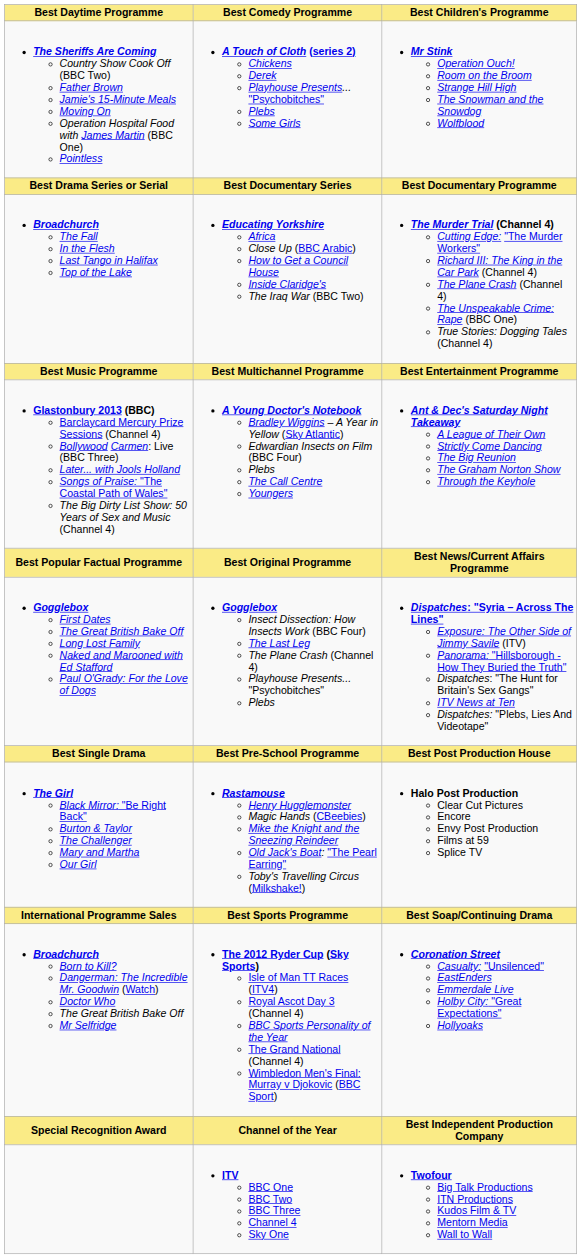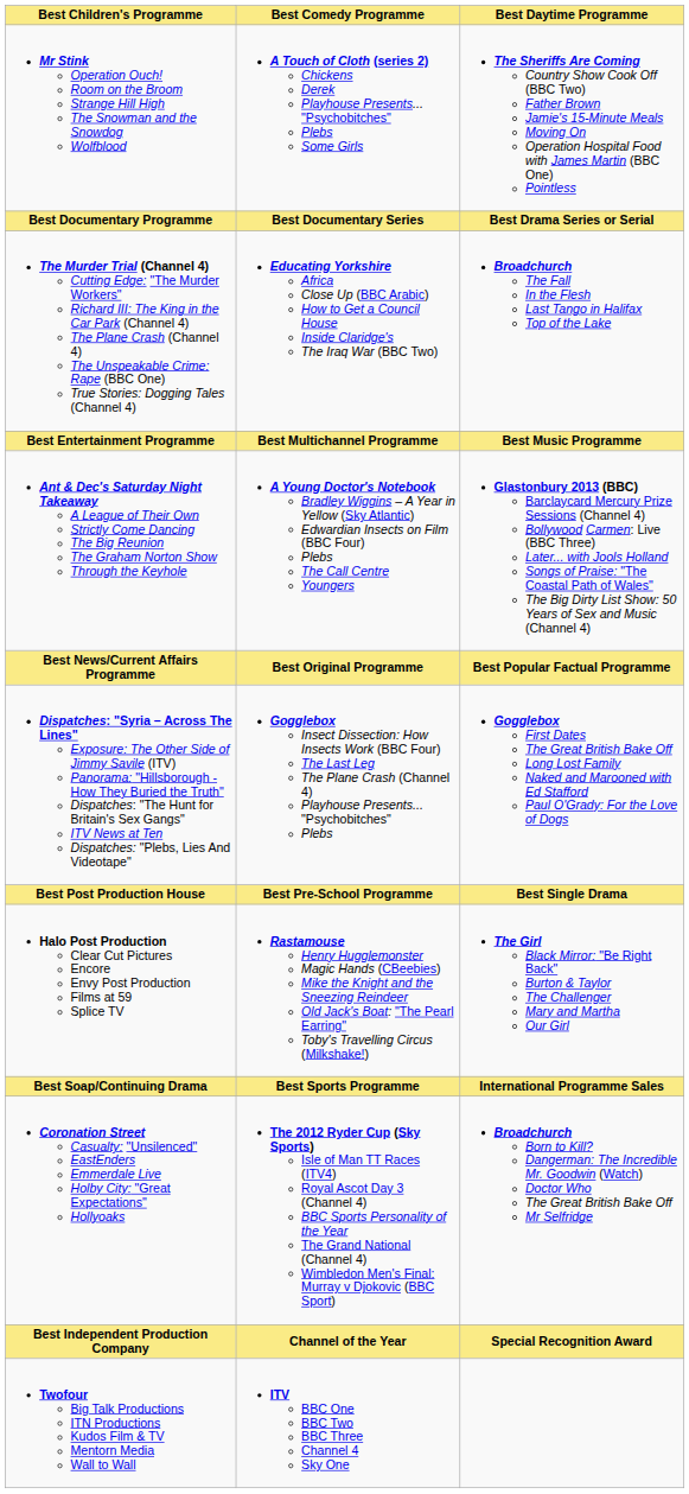 <table class=wikitable style=font-size:100%>
 <tr>
+<th style="background:#FAEB86;" width="34%">Best Children's Programme</th>
+<th style="background:#FAEB86;" width="33%">Best Comedy Programme</th>
 <th style="background:#FAEB86;" width="33%">Best Daytime Programme</th>
-<th style="background:#FAEB86;" width="33%">Best Comedy Programme</th>
-<th style="background:#FAEB86;" width="34%">Best Children's Programme</th>
 </tr>
 <tr>
+<td valign="top"><br><ul><li><strong><em><a href='#'>Mr Stink</a></em></strong><ul><li><em><a href='#'>Operation Ouch!</a></em></li><li><em><a href='#'>Room on the Broom</a></em></li><li><em><a href='#'>Strange Hill High</a></em></li><li><em><a href='#'>The Snowman and the Snowdog</a></em></li><li><em><a href='#'>Wolfblood</a></em></li></ul></li></ul></td>
+<td valign="top"><br><ul><li><strong><em><a href='#'>A Touch of Cloth</a></em></strong> <strong><a href='#'>(series 2)</a></strong><ul><li><em><a href='#'>Chickens</a></em></li><li><em><a href='#'>Derek</a></em></li><li><em><a href='#'>Playhouse Presents</a>...</em> <a href='#'>"Psychobitches"</a></li><li><em><a href='#'>Plebs</a></em></li><li><em><a href='#'>Some Girls</a></em></li></ul></li></ul></td>
 <td valign="top"><br><ul><li><strong><em><a href='#'>The Sheriffs Are Coming</a></em></strong><ul><li><em>Country Show Cook Off</em> (BBC Two)</li><li><em><a href='#'>Father Brown</a></em></li><li><em><a href='#'>Jamie's 15-Minute Meals</a></em></li><li><em><a href='#'>Moving On</a></em></li><li><em>Operation Hospital Food with <a href='#'>James Martin</a></em> (BBC One)</li><li><em><a href='#'>Pointless</a></em></li></ul></li></ul></td>
-<td valign="top"><br><ul><li><strong><em><a href='#'>A Touch of Cloth</a></em></strong> <strong><a href='#'>(series 2)</a></strong><ul><li><em><a href='#'>Chickens</a></em></li><li><em><a href='#'>Derek</a></em></li><li><em><a href='#'>Playhouse Presents</a>...</em> <a href='#'>"Psychobitches"</a></li><li><em><a href='#'>Plebs</a></em></li><li><em><a href='#'>Some Girls</a></em></li></ul></li></ul></td>
-<td valign="top"><br><ul><li><strong><em><a href='#'>Mr Stink</a></em></strong><ul><li><em><a href='#'>Operation Ouch!</a></em></li><li><em><a href='#'>Room on the Broom</a></em></li><li><em><a href='#'>Strange Hill High</a></em></li><li><em><a href='#'>The Snowman and the Snowdog</a></em></li><li><em><a href='#'>Wolfblood</a></em></li></ul></li></ul></td>
 </tr>
 <tr>
+<th style="background:#FAEB86;" width="34%">Best Documentary Programme</th>
+<th style="background:#FAEB86;" width="33%">Best Documentary Series</th>
 <th style="background:#FAEB86;" width="33%">Best Drama Series or Serial</th>
-<th style="background:#FAEB86;" width="33%">Best Documentary Series</th>
-<th style="background:#FAEB86;" width="34%">Best Documentary Programme</th>
 </tr>
 <tr>
+<td valign="top"><br><ul><li><strong><em><a href='#'>The Murder Trial</a></em></strong>  <strong>(Channel 4)</strong><ul><li><em><a href='#'>Cutting Edge:</a></em> <a href='#'>"The Murder Workers"</a></li><li><em><a href='#'>Richard III: The King in the Car Park</a></em> (Channel 4)<em></em></li><li><em><a href='#'>The Plane Crash</a></em> (Channel 4)</li><li><em><a href='#'>The Unspeakable Crime: Rape</a></em> (BBC One)</li><li><em>True Stories: Dogging Tales</em> (Channel 4)</li></ul></li></ul></td>
+<td valign="top"><br><ul><li><strong><em><a href='#'>Educating Yorkshire</a></em></strong><ul><li><em><a href='#'>Africa</a></em></li><li><em>Close Up</em> (<a href='#'>BBC Arabic</a>)</li><li><em><a href='#'>How to Get a Council House</a></em></li><li><em><a href='#'>Inside Claridge's</a></em></li><li><em>The Iraq War</em> (BBC Two)</li></ul></li></ul></td>
 <td valign="top"><br><ul><li><strong><em><a href='#'>Broadchurch</a></em></strong><ul><li><em><a href='#'>The Fall</a></em></li><li><em><a href='#'>In the Flesh</a></em></li><li><em><a href='#'>Last Tango in Halifax</a></em></li><li><em><a href='#'>Top of the Lake</a></em></li></ul></li></ul></td>
-<td valign="top"><br><ul><li><strong><em><a href='#'>Educating Yorkshire</a></em></strong><ul><li><em><a href='#'>Africa</a></em></li><li><em>Close Up</em> (<a href='#'>BBC Arabic</a>)</li><li><em><a href='#'>How to Get a Council House</a></em></li><li><em><a href='#'>Inside Claridge's</a></em></li><li><em>The Iraq War</em> (BBC Two)</li></ul></li></ul></td>
-<td valign="top"><br><ul><li><strong><em><a href='#'>The Murder Trial</a></em></strong>  <strong>(Channel 4)</strong><ul><li><em><a href='#'>Cutting Edge:</a></em> <a href='#'>"The Murder Workers"</a></li><li><em><a href='#'>Richard III: The King in the Car Park</a></em> (Channel 4)<em></em></li><li><em><a href='#'>The Plane Crash</a></em> (Channel 4)</li><li><em><a href='#'>The Unspeakable Crime: Rape</a></em> (BBC One)</li><li><em>True Stories: Dogging Tales</em> (Channel 4)</li></ul></li></ul></td>
 </tr>
 <tr>
+<th style="background:#FAEB86;" width="34%">Best Entertainment Programme</th>
+<th style="background:#FAEB86;" width="33%">Best Multichannel Programme</th>
 <th style="background:#FAEB86;" width="33%">Best Music Programme</th>
-<th style="background:#FAEB86;" width="33%">Best Multichannel Programme</th>
-<th style="background:#FAEB86;" width="34%">Best Entertainment Programme</th>
 </tr>
 <tr>
+<td valign="top"><br><ul><li><strong><em><a href='#'>Ant & Dec's Saturday Night Takeaway</a></em></strong><ul><li><em><a href='#'>A League of Their Own</a></em></li><li><em><a href='#'>Strictly Come Dancing</a></em></li><li><em><a href='#'>The Big Reunion</a></em></li><li><em><a href='#'>The Graham Norton Show</a></em></li><li><em><a href='#'>Through the Keyhole</a></em></li></ul></li></ul></td>
+<td valign="top"><br><ul><li><strong><em><a href='#'>A Young Doctor's Notebook</a></em></strong><ul><li><em><a href='#'>Bradley Wiggins</a> – A Year in Yellow</em> (<a href='#'>Sky Atlantic</a>)</li><li><em>Edwardian Insects on Film</em> (BBC Four)</li><li><em>Plebs</em></li><li><em><a href='#'>The Call Centre</a></em></li><li><em><a href='#'>Youngers</a></em></li></ul></li></ul></td>
 <td valign="top"><br><ul><li><strong><a href='#'>Glastonbury 2013</a> (BBC)</strong><ul><li><a href='#'>Barclaycard Mercury Prize Sessions</a> (Channel 4)</li><li><em><a href='#'>Bollywood</a> <a href='#'>Carmen</a></em>: Live (BBC Three)</li><li><em><a href='#'>Later... with Jools Holland</a></em></li><li><a href='#'><em>Songs of Praise:</em> "The Coastal Path of Wales"</a></li><li><em>The Big Dirty List Show: 50 Years of Sex and Music</em> (Channel 4)</li></ul></li></ul></td>
-<td valign="top"><br><ul><li><strong><em><a href='#'>A Young Doctor's Notebook</a></em></strong><ul><li><em><a href='#'>Bradley Wiggins</a> – A Year in Yellow</em> (<a href='#'>Sky Atlantic</a>)</li><li><em>Edwardian Insects on Film</em> (BBC Four)</li><li><em>Plebs</em></li><li><em><a href='#'>The Call Centre</a></em></li><li><em><a href='#'>Youngers</a></em></li></ul></li></ul></td>
-<td valign="top"><br><ul><li><strong><em><a href='#'>Ant & Dec's Saturday Night Takeaway</a></em></strong><ul><li><em><a href='#'>A League of Their Own</a></em></li><li><em><a href='#'>Strictly Come Dancing</a></em></li><li><em><a href='#'>The Big Reunion</a></em></li><li><em><a href='#'>The Graham Norton Show</a></em></li><li><em><a href='#'>Through the Keyhole</a></em></li></ul></li></ul></td>
 </tr>
 <tr>
+<th style="background:#FAEB86;" width="34%">Best News/Current Affairs Programme</th>
+<th style="background:#FAEB86;" width="33%">Best Original Programme</th>
 <th style="background:#FAEB86;" width="33%">Best Popular Factual Programme</th>
-<th style="background:#FAEB86;" width="33%">Best Original Programme</th>
-<th style="background:#FAEB86;" width="34%">Best News/Current Affairs Programme</th>
 </tr>
 <tr>
+<td valign="top"><br><ul><li><strong><a href='#'><em>Dispatches</em>: "Syria – Across The Lines"</a></strong><ul><li><em><a href='#'>Exposure: The Other Side of Jimmy Savile</a></em> (ITV)</li><li><a href='#'><em>Panorama:</em> "Hillsborough - How They Buried the Truth"</a></li><li><em>Dispatches</em>: "The Hunt for Britain's Sex Gangs"</li><li><em><a href='#'>ITV News at Ten</a></em></li><li><em>Dispatches:</em> "Plebs, Lies And Videotape"</li></ul></li></ul></td>
+<td valign="top"><br><ul><li><strong><em><a href='#'>Gogglebox</a></em></strong><ul><li><em>Insect Dissection: How Insects Work</em> (BBC Four)</li><li><em><a href='#'>The Last Leg</a></em></li><li><em>The Plane Crash</em> (Channel 4)</li><li><em>Playhouse Presents...</em> "Psychobitches"</li><li><em>Plebs</em></li></ul></li></ul></td>
 <td valign="top"><br><ul><li><strong><em><a href='#'>Gogglebox</a></em></strong><ul><li><em><a href='#'>First Dates</a></em></li><li><em><a href='#'>The Great British Bake Off</a></em></li><li><em><a href='#'>Long Lost Family</a></em></li><li><em><a href='#'>Naked and Marooned with Ed Stafford</a></em></li><li><em><a href='#'>Paul O'Grady: For the Love of Dogs</a></em></li></ul></li></ul></td>
-<td valign="top"><br><ul><li><strong><em><a href='#'>Gogglebox</a></em></strong><ul><li><em>Insect Dissection: How Insects Work</em> (BBC Four)</li><li><em><a href='#'>The Last Leg</a></em></li><li><em>The Plane Crash</em> (Channel 4)</li><li><em>Playhouse Presents...</em> "Psychobitches"</li><li><em>Plebs</em></li></ul></li></ul></td>
-<td valign="top"><br><ul><li><strong><a href='#'><em>Dispatches</em>: "Syria – Across The Lines"</a></strong><ul><li><em><a href='#'>Exposure: The Other Side of Jimmy Savile</a></em> (ITV)</li><li><a href='#'><em>Panorama:</em> "Hillsborough - How They Buried the Truth"</a></li><li><em>Dispatches</em>: "The Hunt for Britain's Sex Gangs"</li><li><em><a href='#'>ITV News at Ten</a></em></li><li><em>Dispatches:</em> "Plebs, Lies And Videotape"</li></ul></li></ul></td>
 </tr>
 <tr>
+<th style="background:#FAEB86;" width="34%">Best Post Production House</th>
+<th style="background:#FAEB86;" width="33%">Best Pre-School Programme</th>
 <th style="background:#FAEB86;" width="33%">Best Single Drama</th>
-<th style="background:#FAEB86;" width="33%">Best Pre-School Programme</th>
-<th style="background:#FAEB86;" width="34%">Best Post Production House</th>
 </tr>
 <tr>
+<td valign="top"><br><ul><li><strong>Halo Post Production</strong><ul><li>Clear Cut Pictures</li><li>Encore</li><li>Envy Post Production</li><li>Films at 59</li><li>Splice TV</li></ul></li></ul></td>
+<td valign="top"><br><ul><li><strong><em><a href='#'>Rastamouse</a></em></strong><ul><li><em><a href='#'>Henry Hugglemonster</a></em></li><li><em>Magic Hands</em> (<a href='#'>CBeebies</a>)</li><li><em><a href='#'>Mike the Knight and the Sneezing Reindeer</a></em></li><li><em><a href='#'>Old Jack's Boat</a>:</em> <a href='#'>"The Pearl Earring"</a></li><li><em>Toby's Travelling Circus</em> (<a href='#'>Milkshake!</a>)</li></ul></li></ul></td>
 <td valign="top"><br><ul><li><strong><em><a href='#'>The Girl</a></em></strong><ul><li><a href='#'><em>Black Mirror:</em> "Be Right Back"</a></li><li><em><a href='#'>Burton & Taylor</a></em></li><li><em><a href='#'>The Challenger</a></em></li><li><em><a href='#'>Mary and Martha</a></em></li><li><em><a href='#'>Our Girl</a></em></li></ul></li></ul></td>
-<td valign="top"><br><ul><li><strong><em><a href='#'>Rastamouse</a></em></strong><ul><li><em><a href='#'>Henry Hugglemonster</a></em></li><li><em>Magic Hands</em> (<a href='#'>CBeebies</a>)</li><li><em><a href='#'>Mike the Knight and the Sneezing Reindeer</a></em></li><li><em><a href='#'>Old Jack's Boat</a>:</em> <a href='#'>"The Pearl Earring"</a></li><li><em>Toby's Travelling Circus</em> (<a href='#'>Milkshake!</a>)</li></ul></li></ul></td>
-<td valign="top"><br><ul><li><strong>Halo Post Production</strong><ul><li>Clear Cut Pictures</li><li>Encore</li><li>Envy Post Production</li><li>Films at 59</li><li>Splice TV</li></ul></li></ul></td>
 </tr>
 <tr>
+<th style="background:#FAEB86;" width="34%">Best Soap/Continuing Drama</th>
+<th style="background:#FAEB86;" width="33%">Best Sports Programme</th>
 <th style="background:#FAEB86;" width="33%">International Programme Sales</th>
-<th style="background:#FAEB86;" width="33%">Best Sports Programme</th>
-<th style="background:#FAEB86;" width="34%">Best Soap/Continuing Drama</th>
 </tr>
 <tr>
+<td valign="top"><br><ul><li><strong><em><a href='#'>Coronation Street</a></em></strong><ul><li><em><a href='#'>Casualty:</a></em> <a href='#'>"Unsilenced"</a></li><li><em><a href='#'>EastEnders</a></em></li><li><em><a href='#'>Emmerdale Live</a></em></li><li><a href='#'><em>Holby City:</em> "Great Expectations"</a></li><li><em><a href='#'>Hollyoaks</a></em></li></ul></li></ul></td>
+<td valign="top"><br><ul><li><strong><a href='#'>The 2012 Ryder Cup</a> (<a href='#'>Sky Sports</a>)</strong><ul><li><a href='#'>Isle of Man TT Races</a> (<a href='#'>ITV4</a>)</li><li><a href='#'>Royal Ascot Day 3</a> (Channel 4)</li><li><em><a href='#'>BBC Sports Personality of the Year</a></em></li><li><a href='#'>The Grand National</a> (Channel 4)</li><li><a href='#'>Wimbledon Men's Final: Murray v Djokovic</a> (<a href='#'>BBC Sport</a>)</li></ul></li></ul></td>
 <td valign="top"><br><ul><li><strong><em><a href='#'>Broadchurch</a></em></strong><ul><li><em><a href='#'>Born to Kill?</a></em></li><li><em><a href='#'>Dangerman: The Incredible Mr. Goodwin</a></em> (<a href='#'>Watch</a>)</li><li><em><a href='#'>Doctor Who</a></em></li><li><em>The Great British Bake Off</em></li><li><em><a href='#'>Mr Selfridge</a></em></li></ul></li></ul></td>
-<td valign="top"><br><ul><li><strong><a href='#'>The 2012 Ryder Cup</a> (<a href='#'>Sky Sports</a>)</strong><ul><li><a href='#'>Isle of Man TT Races</a> (<a href='#'>ITV4</a>)</li><li><a href='#'>Royal Ascot Day 3</a> (Channel 4)</li><li><em><a href='#'>BBC Sports Personality of the Year</a></em></li><li><a href='#'>The Grand National</a> (Channel 4)</li><li><a href='#'>Wimbledon Men's Final: Murray v Djokovic</a> (<a href='#'>BBC Sport</a>)</li></ul></li></ul></td>
-<td valign="top"><br><ul><li><strong><em><a href='#'>Coronation Street</a></em></strong><ul><li><em><a href='#'>Casualty:</a></em> <a href='#'>"Unsilenced"</a></li><li><em><a href='#'>EastEnders</a></em></li><li><em><a href='#'>Emmerdale Live</a></em></li><li><a href='#'><em>Holby City:</em> "Great Expectations"</a></li><li><em><a href='#'>Hollyoaks</a></em></li></ul></li></ul></td>
 </tr>
 <tr>
+<th style="background:#FAEB86;" width="33%">Best Independent Production Company</th>
+<th style="background:#FAEB86;" width="33%">Channel of the Year</th>
 <th style="background:#FAEB86;" width="33%">Special Recognition Award</th>
-<th style="background:#FAEB86;" width="33%">Channel of the Year</th>
-<th style="background:#FAEB86;" width="33%">Best Independent Production Company</th>
 </tr>
 <tr>
+<td valign="top"><br><ul><li><strong><a href='#'>Twofour</a></strong><ul><li><a href='#'>Big Talk Productions</a></li><li><a href='#'>ITN Productions</a></li><li><a href='#'>Kudos Film & TV</a></li><li><a href='#'>Mentorn Media</a></li><li><a href='#'>Wall to Wall</a></li></ul></li></ul></td>
+<td valign="top"><br><ul><li><strong><a href='#'>ITV</a></strong><ul><li><a href='#'>BBC One</a></li><li><a href='#'>BBC Two</a></li><li><a href='#'>BBC Three</a></li><li><a href='#'>Channel 4</a></li><li><a href='#'>Sky One</a></li></ul></li></ul></td>
 <td valign="top"></td>
-<td valign="top"><br><ul><li><strong><a href='#'>ITV</a></strong><ul><li><a href='#'>BBC One</a></li><li><a href='#'>BBC Two</a></li><li><a href='#'>BBC Three</a></li><li><a href='#'>Channel 4</a></li><li><a href='#'>Sky One</a></li></ul></li></ul></td>
-<td valign="top"><br><ul><li><strong><a href='#'>Twofour</a></strong><ul><li><a href='#'>Big Talk Productions</a></li><li><a href='#'>ITN Productions</a></li><li><a href='#'>Kudos Film & TV</a></li><li><a href='#'>Mentorn Media</a></li><li><a href='#'>Wall to Wall</a></li></ul></li></ul></td>
 </tr>
 </table>
